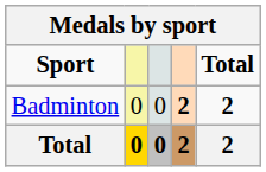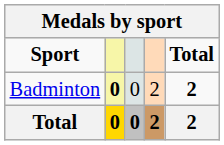 <table class="wikitable" style="font-size:85%; text-align:center">
 <tr style="background:#efefef;">
 <th colspan="7"><strong>Medals by sport</strong></th>
 </tr>
 <tr>
 <td><strong>Sport</strong></td>
 <td bgcolor="#F7F6A8"></td>
 <td bgcolor="#DCE5E5"></td>
 <td bgcolor="#FFDAB9"></td>
 <td><strong>Total</strong></td>
 </tr>
 <tr>
 <td><a href='#'>Badminton</a></td>
-<td bgcolor="#F7F6A8">0</td>
+<td bgcolor="#F7F6A8"><strong>0</strong></td>
 <td bgcolor="#DCE5E5">0</td>
-<td bgcolor="#FFDAB9"><strong>2</strong></td>
+<td bgcolor="#FFDAB9">2</td>
 <td><strong>2</strong></td>
 </tr>
 <tr>
 <th><strong>Total</strong></th>
 <th style="background:gold;">0</th>
 <th style="background:silver;"><strong>0</strong></th>
 <th style="background:#c96;"><strong>2</strong></th>
 <th><strong>2</strong></th>
 </tr>
 </table>
